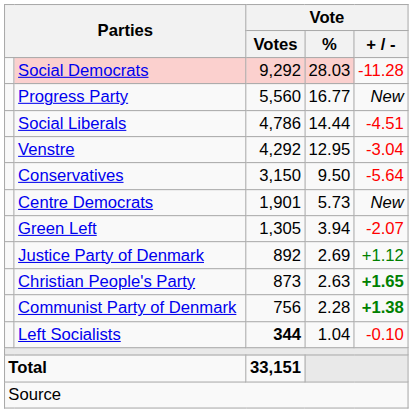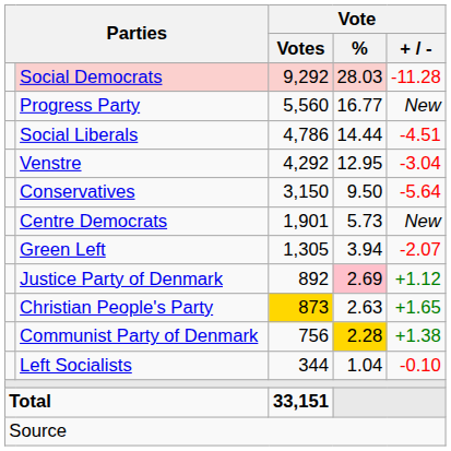 <table class="wikitable" style="text-align:right;">
 <tr>
 <th style="text-align:centre;" rowspan="2" colspan="2" width="225">Parties</th>
 <th colspan="3">Vote</th>
 </tr>
 <tr>
 <th width="15">Votes</th>
 <th width="15">%</th>
 <th width="15">+ / -</th>
 </tr>
 <tr>
 <td width="2" style="color:inherit;background:"></td>
 <td bgcolor=#fbd0ce  align="left"><a href='#'>Social Democrats</a></td>
 <td bgcolor=#fbd0ce>9,292</td>
 <td bgcolor=#fbd0ce>28.03</td>
 <td style=color:red;>-11.28</td>
 </tr>
 <tr>
 <td width="2" style="color:inherit;background:"></td>
 <td align="left"><a href='#'>Progress Party</a></td>
 <td>5,560</td>
 <td>16.77</td>
 <td><em>New</em></td>
 </tr>
 <tr>
 <td width="2" style="color:inherit;background:"></td>
 <td align="left"><a href='#'>Social Liberals</a></td>
 <td>4,786</td>
 <td>14.44</td>
 <td style=color:red;>-4.51</td>
 </tr>
 <tr>
 <td width="2" style="color:inherit;background:"></td>
 <td align="left"><a href='#'>Venstre</a></td>
 <td>4,292</td>
 <td>12.95</td>
 <td style=color:red;>-3.04</td>
 </tr>
 <tr>
 <td width="2" style="color:inherit;background:"></td>
 <td align="left"><a href='#'>Conservatives</a></td>
 <td>3,150</td>
 <td>9.50</td>
 <td style=color:red;>-5.64</td>
 </tr>
 <tr>
 <td width="2" style="color:inherit;background:"></td>
 <td align="left"><a href='#'>Centre Democrats</a></td>
 <td>1,901</td>
 <td>5.73</td>
 <td><em>New</em></td>
 </tr>
 <tr>
 <td width="2" style="color:inherit;background:"></td>
 <td align="left"><a href='#'>Green Left</a></td>
 <td>1,305</td>
 <td>3.94</td>
 <td style=color:red;>-2.07</td>
 </tr>
 <tr>
 <td width="2" style="color:inherit;background:"></td>
 <td align="left"><a href='#'>Justice Party of Denmark</a></td>
 <td>892</td>
-<td>2.69</td>
+<td style="background: pink;">2.69</td>
 <td style=color:green;>+1.12</td>
 </tr>
 <tr>
 <td width="2" style="color:inherit;background:"></td>
 <td align="left"><a href='#'>Christian People's Party</a></td>
-<td>873</td>
+<td style="background: gold;">873</td>
 <td>2.63</td>
-<td style=color:green;><strong>+1.65</strong></td>
+<td style=color:green;>+1.65</td>
 </tr>
 <tr>
 <td width="2" style="color:inherit;background:"></td>
 <td align="left"><a href='#'>Communist Party of Denmark</a></td>
 <td>756</td>
-<td>2.28</td>
-<td style=color:green;><strong>+1.38</strong></td>
+<td style="background: gold;">2.28</td>
+<td style=color:green;>+1.38</td>
 </tr>
 <tr>
 <td width="2" style="color:inherit;background:"></td>
 <td align="left"><a href='#'>Left Socialists</a></td>
-<td><strong>344</strong></td>
+<td>344</td>
 <td>1.04</td>
 <td style=color:red;>-0.10</td>
 </tr>
 <tr>
 <td colspan="7" bgcolor="#E9E9E9"></td>
 </tr>
 <tr>
 <td align="left" colspan="2"><strong>Total</strong></td>
 <td><strong>33,151</strong></td>
 <td bgcolor="#E9E9E9" colspan="2"></td>
 </tr>
 <tr>
 <td align="left" colspan="6">Source</td>
 </tr>
 </table>
